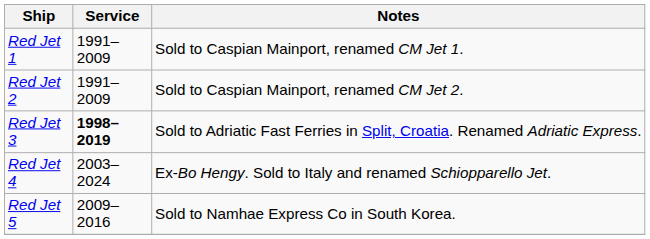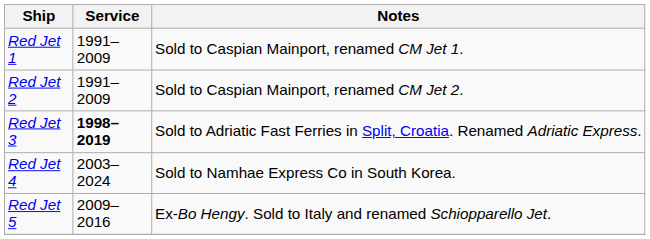 <table class="wikitable">
 <tr>
 <th width=65px>Ship</th>
 <th width=75px>Service</th>
 <th>Notes</th>
 </tr>
 <tr>
 <td><em><a href='#'>Red Jet 1</a></em></td>
 <td>1991–2009</td>
 <td>Sold to Caspian Mainport, renamed <em>CM Jet 1</em>.</td>
 </tr>
 <tr>
 <td><em><a href='#'>Red Jet 2</a></em></td>
 <td>1991–2009</td>
 <td>Sold to Caspian Mainport, renamed <em>CM Jet 2</em>.</td>
 </tr>
 <tr>
 <td><em><a href='#'>Red Jet 3</a></em></td>
 <td><strong>1998–2019</strong></td>
 <td>Sold to Adriatic Fast Ferries in <a href='#'>Split, Croatia</a>. Renamed <em>Adriatic Express</em>.</td>
 </tr>
 <tr>
 <td><em><a href='#'>Red Jet 4</a></em></td>
 <td>2003–2024</td>
-<td>Ex-<em>Bo Hengy</em>. Sold to Italy and renamed <em>Schiopparello Jet</em>.</td>
+<td>Sold to Namhae Express Co in South Korea.</td>
 </tr>
 <tr>
 <td><em><a href='#'>Red Jet 5</a></em></td>
 <td>2009–2016</td>
-<td>Sold to Namhae Express Co in South Korea.</td>
+<td>Ex-<em>Bo Hengy</em>. Sold to Italy and renamed <em>Schiopparello Jet</em>.</td>
 </tr>
 <tr>
 </tr>
 </table>
